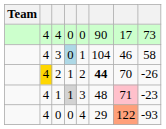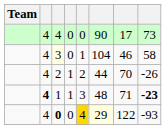 <table class="wikitable" style="text-align: center;">
 <tr>
 <th>Team</th>
 <th></th>
 <th></th>
 <th></th>
 <th></th>
 <th></th>
 <th></th>
 <th></th>
 </tr>
 <tr bgcolor="ccffcc">
 <td align="left"></td>
 <td>4</td>
 <td>4</td>
 <td>0</td>
 <td>0</td>
 <td>90</td>
 <td>17</td>
 <td>73</td>
 </tr>
 <tr>
 <td align="left"></td>
 <td>4</td>
-<td>3</td>
-<td style="background: lightblue;">0</td>
+<td style="background: lightyellow;">3</td>
+<td>0</td>
 <td>1</td>
 <td>104</td>
 <td>46</td>
 <td>58</td>
 </tr>
 <tr>
 <td align="left"></td>
-<td style="background: gold;">4</td>
+<td>4</td>
 <td>2</td>
 <td>1</td>
 <td>2</td>
-<td><strong>44</strong></td>
+<td>44</td>
 <td>70</td>
 <td>-26</td>
 </tr>
 <tr>
 <td align="left"></td>
-<td>4</td>
+<td><strong>4</strong></td>
 <td>1</td>
-<td style="background: lightgrey;">1</td>
+<td>1</td>
 <td>3</td>
 <td>48</td>
-<td style="background: pink;">71</td>
-<td>-23</td>
+<td>71</td>
+<td><strong>-23</strong></td>
 </tr>
 <tr>
 <td align="left"></td>
 <td>4</td>
+<td><strong>0</strong></td>
 <td>0</td>
-<td>0</td>
-<td>4</td>
-<td>29</td>
-<td style="background: lightsalmon;">122</td>
+<td style="background: gold;">4</td>
+<td style="background: lightyellow;">29</td>
+<td>122</td>
 <td>-93</td>
 </tr>
 </table>
